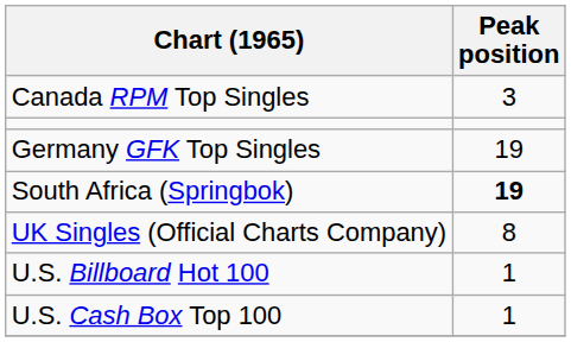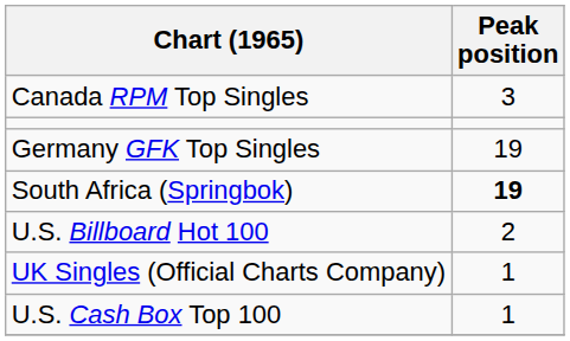 <table class="wikitable sortable">
 <tr>
 <th>Chart (1965)</th>
 <th>Peak<br>position</th>
 </tr>
 <tr>
 <td>Canada <em><a href='#'>RPM</a></em> Top Singles</td>
 <td style="text-align:center;">3</td>
 </tr>
 <tr>
 <td></td>
 </tr>
 <tr>
 <td>Germany <em><a href='#'>GFK</a></em> Top Singles</td>
 <td style="text-align:center;">19</td>
 </tr>
 <tr>
 <td>South Africa (<a href='#'>Springbok</a>)</td>
 <td align="center"><strong>19</strong></td>
 </tr>
 <tr>
-<td><a href='#'>UK Singles</a> (Official Charts Company)</td>
-<td style="text-align:center;">8</td>
+<td>U.S. <em><a href='#'>Billboard</a></em> <a href='#'>Hot 100</a></td>
+<td style="text-align:center;">2</td>
 </tr>
 <tr>
-<td>U.S. <em><a href='#'>Billboard</a></em> <a href='#'>Hot 100</a></td>
+<td><a href='#'>UK Singles</a> (Official Charts Company)</td>
 <td style="text-align:center;">1</td>
 </tr>
 <tr>
 <td>U.S. <a href='#'><em>Cash Box</em></a> Top 100</td>
 <td align="center">1</td>
 </tr>
 <tr>
 </tr>
 </table>
